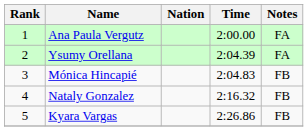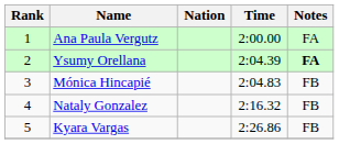 <table class="wikitable sortable" style="text-align:center" width=60%>
 <tr>
 <th>Rank</th>
 <th>Name</th>
 <th>Nation</th>
 <th>Time</th>
 <th>Notes</th>
 </tr>
 <tr bgcolor=ccffcc>
 <td>1</td>
 <td align=left><a href='#'>Ana Paula Vergutz</a></td>
 <td align=left></td>
 <td>2:00.00</td>
 <td>FA</td>
 </tr>
 <tr bgcolor=ccffcc>
 <td>2</td>
 <td align=left><a href='#'>Ysumy Orellana</a></td>
 <td align=left></td>
 <td>2:04.39</td>
-<td>FA</td>
+<td><strong>FA</strong></td>
 </tr>
 <tr>
 <td>3</td>
 <td align=left><a href='#'>Mónica Hincapié</a></td>
 <td align=left></td>
 <td>2:04.83</td>
 <td>FB</td>
 </tr>
 <tr>
 <td>4</td>
 <td align=left><a href='#'>Nataly Gonzalez</a></td>
 <td align=left></td>
 <td>2:16.32</td>
 <td>FB</td>
 </tr>
 <tr>
 <td>5</td>
 <td align=left><a href='#'>Kyara Vargas</a></td>
 <td align=left></td>
 <td>2:26.86</td>
 <td>FB</td>
 </tr>
 <tr>
 </tr>
 </table>
